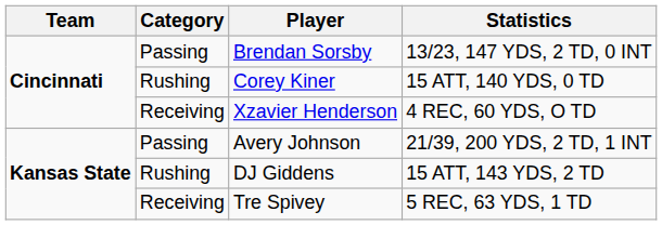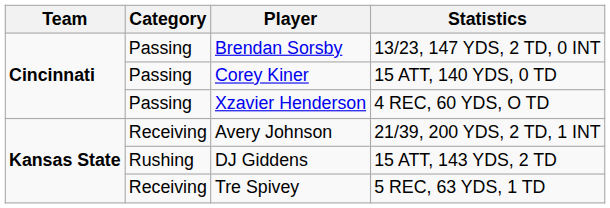 <table class="wikitable" style="float: right;">
 <tr>
 <th>Team</th>
 <th>Category</th>
 <th>Player</th>
 <th>Statistics</th>
 </tr>
 <tr>
 <td rowspan=3><strong>Cincinnati</strong></td>
 <td>Passing</td>
 <td><a href='#'>Brendan Sorsby</a></td>
 <td>13/23, 147 YDS, 2 TD, 0 INT</td>
 </tr>
 <tr>
-<td>Rushing</td>
+<td>Passing</td>
 <td><a href='#'>Corey Kiner</a></td>
 <td>15 ATT, 140 YDS, 0 TD</td>
 </tr>
 <tr>
-<td>Receiving</td>
+<td>Passing</td>
 <td><a href='#'>Xzavier Henderson</a></td>
 <td>4 REC, 60 YDS, O TD</td>
 </tr>
 <tr>
 <td rowspan=3><strong>Kansas State</strong></td>
-<td>Passing</td>
+<td>Receiving</td>
 <td>Avery Johnson</td>
 <td>21/39, 200 YDS, 2 TD, 1 INT</td>
 </tr>
 <tr>
 <td>Rushing</td>
 <td>DJ Giddens</td>
 <td>15 ATT, 143 YDS, 2 TD</td>
 </tr>
 <tr>
 <td>Receiving</td>
 <td>Tre Spivey</td>
 <td>5 REC, 63 YDS, 1 TD</td>
 </tr>
 </table>
